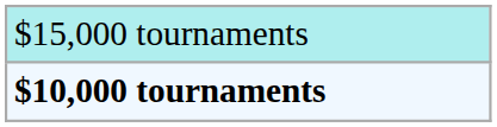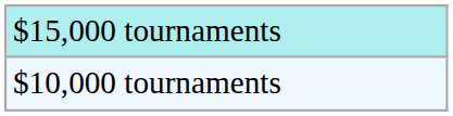 <table class="wikitable" style="font-size:85%; width:15%;">
 <tr style="background:#afeeee;">
 <td>$15,000 tournaments</td>
 </tr>
 <tr style="background:#f0f8ff;">
-<td><strong>$10,000 tournaments</strong></td>
+<td>$10,000 tournaments</td>
 </tr>
 </table>
